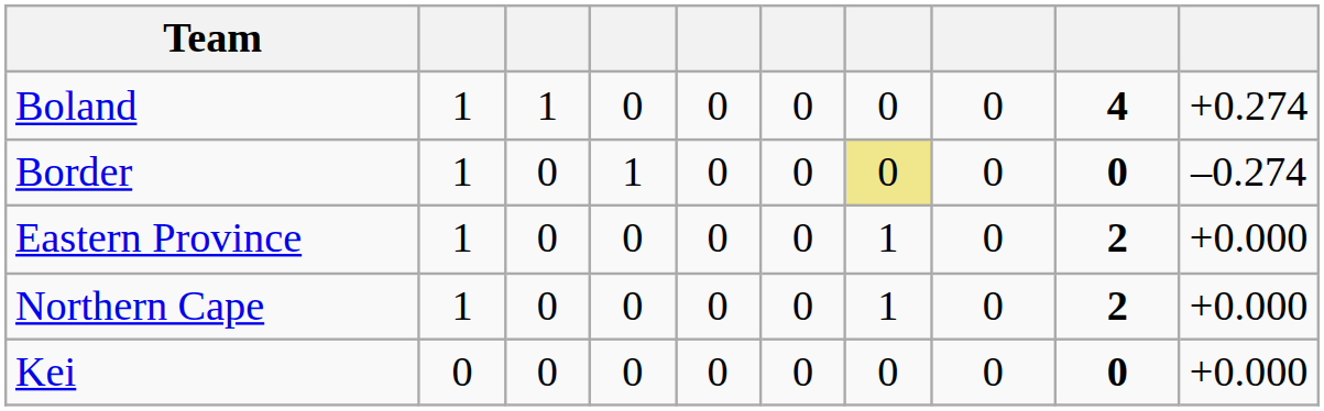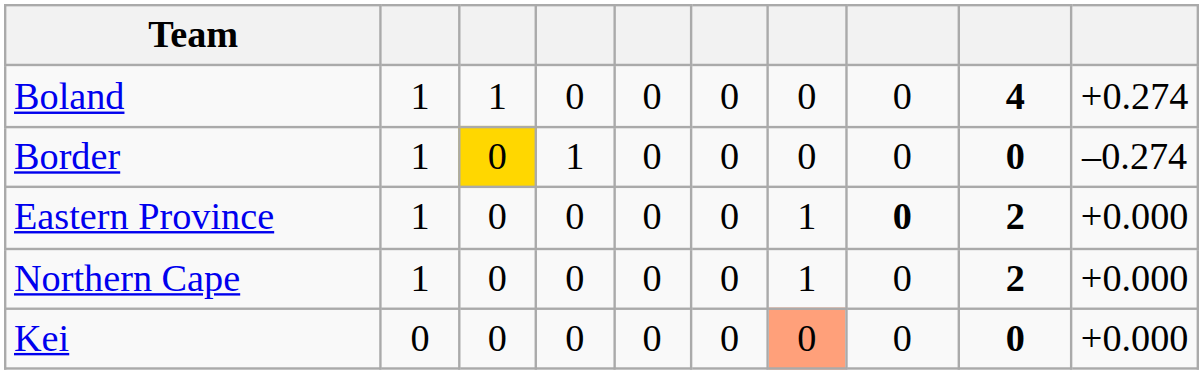 <table class="wikitable" style="text-align:center">
 <tr>
 <th width="150">Team</th>
 <th width="25"></th>
 <th width="25"></th>
 <th width="25"></th>
 <th width="25"></th>
 <th width="25"></th>
 <th width="25"></th>
 <th width="40"></th>
 <th width="40"></th>
 <th width="45"></th>
 </tr>
 <tr>
 <td style="text-align:left"><a href='#'>Boland</a></td>
 <td>1</td>
 <td>1</td>
 <td>0</td>
 <td>0</td>
 <td>0</td>
 <td>0</td>
 <td>0</td>
 <td><strong>4</strong></td>
 <td>+0.274</td>
 </tr>
 <tr>
 <td style="text-align:left"><a href='#'>Border</a></td>
 <td>1</td>
-<td>0</td>
+<td style="background: gold;">0</td>
 <td>1</td>
 <td>0</td>
 <td>0</td>
-<td style="background: khaki;">0</td>
+<td>0</td>
 <td>0</td>
 <td><strong>0</strong></td>
 <td>–0.274</td>
 </tr>
 <tr>
 <td style="text-align:left"><a href='#'>Eastern Province</a></td>
 <td>1</td>
 <td>0</td>
 <td>0</td>
 <td>0</td>
 <td>0</td>
 <td>1</td>
-<td>0</td>
+<td><strong>0</strong></td>
 <td><strong>2</strong></td>
 <td>+0.000</td>
 </tr>
 <tr>
 <td style="text-align:left"><a href='#'>Northern Cape</a></td>
 <td>1</td>
 <td>0</td>
 <td>0</td>
 <td>0</td>
 <td>0</td>
 <td>1</td>
 <td>0</td>
 <td><strong>2</strong></td>
 <td>+0.000</td>
 </tr>
 <tr>
 <td style="text-align:left"><a href='#'>Kei</a></td>
 <td>0</td>
 <td>0</td>
 <td>0</td>
 <td>0</td>
 <td>0</td>
-<td>0</td>
+<td style="background: lightsalmon;">0</td>
 <td>0</td>
 <td><strong>0</strong></td>
 <td>+0.000</td>
 </tr>
 </table>
